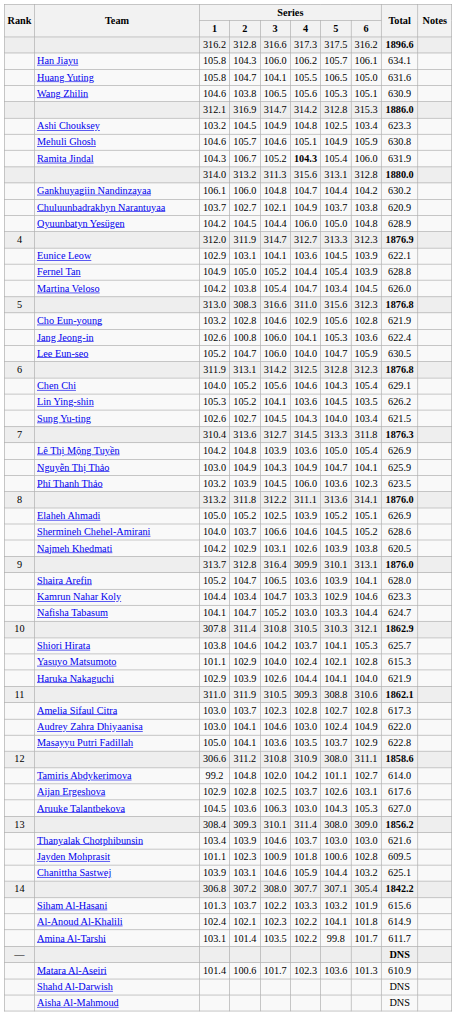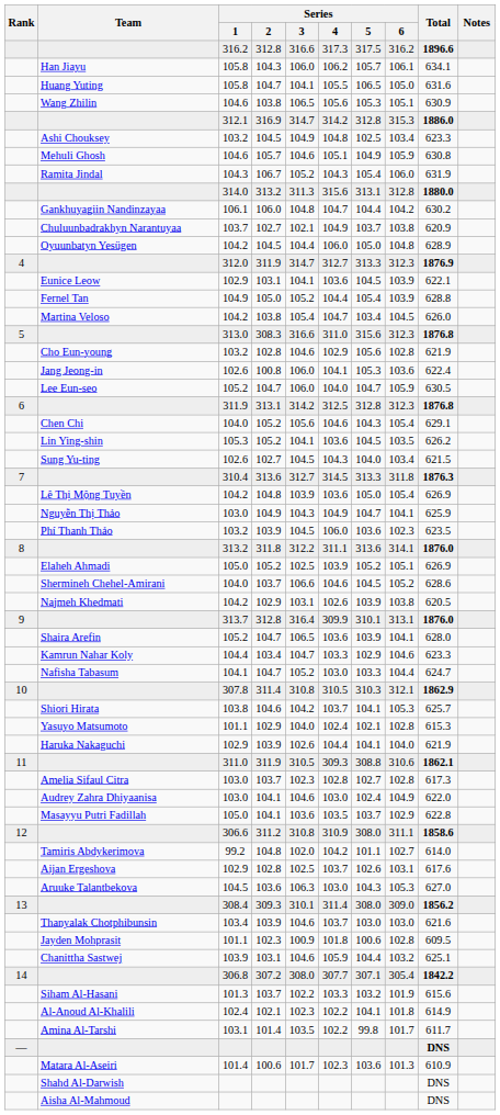 <table class="wikitable" style="text-align:center">
 <tr>
 <th rowspan=2 width=40>Rank</th>
 <th rowspan=2 width=250>Team</th>
 <th colspan=6>Series</th>
 <th rowspan=2 width=50>Total</th>
 <th rowspan=2 width=45>Notes</th>
 </tr>
 <tr>
 <th width=40>1</th>
 <th width=40>2</th>
 <th width=40>3</th>
 <th width=40>4</th>
 <th width=40>5</th>
 <th width=40>6</th>
 </tr>
 <tr bgcolor=eeeeee>
 <td></td>
 <td align=left></td>
 <td>316.2</td>
 <td>312.8</td>
 <td>316.6</td>
 <td>317.3</td>
 <td>317.5</td>
 <td>316.2</td>
 <td><strong>1896.6</strong></td>
 <td></td>
 </tr>
 <tr>
 <td></td>
 <td align=left><a href='#'>Han Jiayu</a></td>
 <td>105.8</td>
 <td>104.3</td>
 <td>106.0</td>
 <td>106.2</td>
 <td>105.7</td>
 <td>106.1</td>
 <td>634.1</td>
 <td></td>
 </tr>
 <tr>
 <td></td>
 <td align=left><a href='#'>Huang Yuting</a></td>
 <td>105.8</td>
 <td>104.7</td>
 <td>104.1</td>
 <td>105.5</td>
 <td>106.5</td>
 <td>105.0</td>
 <td>631.6</td>
 <td></td>
 </tr>
 <tr>
 <td></td>
 <td align=left><a href='#'>Wang Zhilin</a></td>
 <td>104.6</td>
 <td>103.8</td>
 <td>106.5</td>
 <td>105.6</td>
 <td>105.3</td>
 <td>105.1</td>
 <td>630.9</td>
 <td></td>
 </tr>
 <tr bgcolor=eeeeee>
 <td></td>
 <td align=left></td>
 <td>312.1</td>
 <td>316.9</td>
 <td>314.7</td>
 <td>314.2</td>
 <td>312.8</td>
 <td>315.3</td>
 <td><strong>1886.0</strong></td>
 <td></td>
 </tr>
 <tr>
 <td></td>
 <td align=left><a href='#'>Ashi Chouksey</a></td>
 <td>103.2</td>
 <td>104.5</td>
 <td>104.9</td>
 <td>104.8</td>
 <td>102.5</td>
 <td>103.4</td>
 <td>623.3</td>
 <td></td>
 </tr>
 <tr>
 <td></td>
 <td align=left><a href='#'>Mehuli Ghosh</a></td>
 <td>104.6</td>
 <td>105.7</td>
 <td>104.6</td>
 <td>105.1</td>
 <td>104.9</td>
 <td>105.9</td>
 <td>630.8</td>
 <td></td>
 </tr>
 <tr>
 <td></td>
 <td align=left><a href='#'>Ramita Jindal</a></td>
 <td>104.3</td>
 <td>106.7</td>
 <td>105.2</td>
-<td><strong>104.3</strong></td>
+<td>104.3</td>
 <td>105.4</td>
 <td>106.0</td>
 <td>631.9</td>
 <td></td>
 </tr>
 <tr bgcolor=eeeeee>
 <td></td>
 <td align=left></td>
 <td>314.0</td>
 <td>313.2</td>
 <td>311.3</td>
 <td>315.6</td>
 <td>313.1</td>
 <td>312.8</td>
 <td><strong>1880.0</strong></td>
 <td></td>
 </tr>
 <tr>
 <td></td>
 <td align=left><a href='#'>Gankhuyagiin Nandinzayaa</a></td>
 <td>106.1</td>
 <td>106.0</td>
 <td>104.8</td>
 <td>104.7</td>
 <td>104.4</td>
 <td>104.2</td>
 <td>630.2</td>
 <td></td>
 </tr>
 <tr>
 <td></td>
 <td align=left><a href='#'>Chuluunbadrakhyn Narantuyaa</a></td>
 <td>103.7</td>
 <td>102.7</td>
 <td>102.1</td>
 <td>104.9</td>
 <td>103.7</td>
 <td>103.8</td>
 <td>620.9</td>
 <td></td>
 </tr>
 <tr>
 <td></td>
 <td align=left><a href='#'>Oyuunbatyn Yesügen</a></td>
 <td>104.2</td>
 <td>104.5</td>
 <td>104.4</td>
 <td>106.0</td>
 <td>105.0</td>
 <td>104.8</td>
 <td>628.9</td>
 <td></td>
 </tr>
 <tr bgcolor=eeeeee>
 <td>4</td>
 <td align=left></td>
 <td>312.0</td>
 <td>311.9</td>
 <td>314.7</td>
 <td>312.7</td>
 <td>313.3</td>
 <td>312.3</td>
 <td><strong>1876.9</strong></td>
 <td></td>
 </tr>
 <tr>
 <td></td>
 <td align=left><a href='#'>Eunice Leow</a></td>
 <td>102.9</td>
 <td>103.1</td>
 <td>104.1</td>
 <td>103.6</td>
 <td>104.5</td>
 <td>103.9</td>
 <td>622.1</td>
 <td></td>
 </tr>
 <tr>
 <td></td>
 <td align=left><a href='#'>Fernel Tan</a></td>
 <td>104.9</td>
 <td>105.0</td>
 <td>105.2</td>
 <td>104.4</td>
 <td>105.4</td>
 <td>103.9</td>
 <td>628.8</td>
 <td></td>
 </tr>
 <tr>
 <td></td>
 <td align=left><a href='#'>Martina Veloso</a></td>
 <td>104.2</td>
 <td>103.8</td>
 <td>105.4</td>
 <td>104.7</td>
 <td>103.4</td>
 <td>104.5</td>
 <td>626.0</td>
 <td></td>
 </tr>
 <tr bgcolor=eeeeee>
 <td>5</td>
 <td align=left></td>
 <td>313.0</td>
 <td>308.3</td>
 <td>316.6</td>
 <td>311.0</td>
 <td>315.6</td>
 <td>312.3</td>
 <td><strong>1876.8</strong></td>
 <td></td>
 </tr>
 <tr>
 <td></td>
 <td align=left><a href='#'>Cho Eun-young</a></td>
 <td>103.2</td>
 <td>102.8</td>
 <td>104.6</td>
 <td>102.9</td>
 <td>105.6</td>
 <td>102.8</td>
 <td>621.9</td>
 <td></td>
 </tr>
 <tr>
 <td></td>
 <td align=left><a href='#'>Jang Jeong-in</a></td>
 <td>102.6</td>
 <td>100.8</td>
 <td>106.0</td>
 <td>104.1</td>
 <td>105.3</td>
 <td>103.6</td>
 <td>622.4</td>
 <td></td>
 </tr>
 <tr>
 <td></td>
 <td align=left><a href='#'>Lee Eun-seo</a></td>
 <td>105.2</td>
 <td>104.7</td>
 <td>106.0</td>
 <td>104.0</td>
 <td>104.7</td>
 <td>105.9</td>
 <td>630.5</td>
 <td></td>
 </tr>
 <tr bgcolor=eeeeee>
 <td>6</td>
 <td align=left></td>
 <td>311.9</td>
 <td>313.1</td>
 <td>314.2</td>
 <td>312.5</td>
 <td>312.8</td>
 <td>312.3</td>
 <td><strong>1876.8</strong></td>
 <td></td>
 </tr>
 <tr>
 <td></td>
 <td align=left><a href='#'>Chen Chi</a></td>
 <td>104.0</td>
 <td>105.2</td>
 <td>105.6</td>
 <td>104.6</td>
 <td>104.3</td>
 <td>105.4</td>
 <td>629.1</td>
 <td></td>
 </tr>
 <tr>
 <td></td>
 <td align=left><a href='#'>Lin Ying-shin</a></td>
 <td>105.3</td>
 <td>105.2</td>
 <td>104.1</td>
 <td>103.6</td>
 <td>104.5</td>
 <td>103.5</td>
 <td>626.2</td>
 <td></td>
 </tr>
 <tr>
 <td></td>
 <td align=left><a href='#'>Sung Yu-ting</a></td>
 <td>102.6</td>
 <td>102.7</td>
 <td>104.5</td>
 <td>104.3</td>
 <td>104.0</td>
 <td>103.4</td>
 <td>621.5</td>
 <td></td>
 </tr>
 <tr bgcolor=eeeeee>
 <td>7</td>
 <td align=left></td>
 <td>310.4</td>
 <td>313.6</td>
 <td>312.7</td>
 <td>314.5</td>
 <td>313.3</td>
 <td>311.8</td>
 <td><strong>1876.3</strong></td>
 <td></td>
 </tr>
 <tr>
 <td></td>
 <td align=left><a href='#'>Lê Thị Mộng Tuyền</a></td>
 <td>104.2</td>
 <td>104.8</td>
 <td>103.9</td>
 <td>103.6</td>
 <td>105.0</td>
 <td>105.4</td>
 <td>626.9</td>
 <td></td>
 </tr>
 <tr>
 <td></td>
 <td align=left><a href='#'>Nguyễn Thị Thảo</a></td>
 <td>103.0</td>
 <td>104.9</td>
 <td>104.3</td>
 <td>104.9</td>
 <td>104.7</td>
 <td>104.1</td>
 <td>625.9</td>
 <td></td>
 </tr>
 <tr>
 <td></td>
 <td align=left><a href='#'>Phí Thanh Thảo</a></td>
 <td>103.2</td>
 <td>103.9</td>
 <td>104.5</td>
 <td>106.0</td>
 <td>103.6</td>
 <td>102.3</td>
 <td>623.5</td>
 <td></td>
 </tr>
 <tr bgcolor=eeeeee>
 <td>8</td>
 <td align=left></td>
 <td>313.2</td>
 <td>311.8</td>
 <td>312.2</td>
 <td>311.1</td>
 <td>313.6</td>
 <td>314.1</td>
 <td><strong>1876.0</strong></td>
 <td></td>
 </tr>
 <tr>
 <td></td>
 <td align=left><a href='#'>Elaheh Ahmadi</a></td>
 <td>105.0</td>
 <td>105.2</td>
 <td>102.5</td>
 <td>103.9</td>
 <td>105.2</td>
 <td>105.1</td>
 <td>626.9</td>
 <td></td>
 </tr>
 <tr>
 <td></td>
 <td align=left><a href='#'>Shermineh Chehel-Amirani</a></td>
 <td>104.0</td>
 <td>103.7</td>
 <td>106.6</td>
 <td>104.6</td>
 <td>104.5</td>
 <td>105.2</td>
 <td>628.6</td>
 <td></td>
 </tr>
 <tr>
 <td></td>
 <td align=left><a href='#'>Najmeh Khedmati</a></td>
 <td>104.2</td>
 <td>102.9</td>
 <td>103.1</td>
 <td>102.6</td>
 <td>103.9</td>
 <td>103.8</td>
 <td>620.5</td>
 <td></td>
 </tr>
 <tr bgcolor=eeeeee>
 <td>9</td>
 <td align=left></td>
 <td>313.7</td>
 <td>312.8</td>
 <td>316.4</td>
 <td>309.9</td>
 <td>310.1</td>
 <td>313.1</td>
 <td><strong>1876.0</strong></td>
 <td></td>
 </tr>
 <tr>
 <td></td>
 <td align=left><a href='#'>Shaira Arefin</a></td>
 <td>105.2</td>
 <td>104.7</td>
 <td>106.5</td>
 <td>103.6</td>
 <td>103.9</td>
 <td>104.1</td>
 <td>628.0</td>
 <td></td>
 </tr>
 <tr>
 <td></td>
 <td align=left><a href='#'>Kamrun Nahar Koly</a></td>
 <td>104.4</td>
 <td>103.4</td>
 <td>104.7</td>
 <td>103.3</td>
 <td>102.9</td>
 <td>104.6</td>
 <td>623.3</td>
 <td></td>
 </tr>
 <tr>
 <td></td>
 <td align=left><a href='#'>Nafisha Tabasum</a></td>
 <td>104.1</td>
 <td>104.7</td>
 <td>105.2</td>
 <td>103.0</td>
 <td>103.3</td>
 <td>104.4</td>
 <td>624.7</td>
 <td></td>
 </tr>
 <tr bgcolor=eeeeee>
 <td>10</td>
 <td align=left></td>
 <td>307.8</td>
 <td>311.4</td>
 <td>310.8</td>
 <td>310.5</td>
 <td>310.3</td>
 <td>312.1</td>
 <td><strong>1862.9</strong></td>
 <td></td>
 </tr>
 <tr>
 <td></td>
 <td align=left><a href='#'>Shiori Hirata</a></td>
 <td>103.8</td>
 <td>104.6</td>
 <td>104.2</td>
 <td>103.7</td>
 <td>104.1</td>
 <td>105.3</td>
 <td>625.7</td>
 <td></td>
 </tr>
 <tr>
 <td></td>
 <td align=left><a href='#'>Yasuyo Matsumoto</a></td>
 <td>101.1</td>
 <td>102.9</td>
 <td>104.0</td>
 <td>102.4</td>
 <td>102.1</td>
 <td>102.8</td>
 <td>615.3</td>
 <td></td>
 </tr>
 <tr>
 <td></td>
 <td align=left><a href='#'>Haruka Nakaguchi</a></td>
 <td>102.9</td>
 <td>103.9</td>
 <td>102.6</td>
 <td>104.4</td>
 <td>104.1</td>
 <td>104.0</td>
 <td>621.9</td>
 <td></td>
 </tr>
 <tr bgcolor=eeeeee>
 <td>11</td>
 <td align=left></td>
 <td>311.0</td>
 <td>311.9</td>
 <td>310.5</td>
 <td>309.3</td>
 <td>308.8</td>
 <td>310.6</td>
 <td><strong>1862.1</strong></td>
 <td></td>
 </tr>
 <tr>
 <td></td>
 <td align=left><a href='#'>Amelia Sifaul Citra</a></td>
 <td>103.0</td>
 <td>103.7</td>
 <td>102.3</td>
 <td>102.8</td>
 <td>102.7</td>
 <td>102.8</td>
 <td>617.3</td>
 <td></td>
 </tr>
 <tr>
 <td></td>
 <td align=left><a href='#'>Audrey Zahra Dhiyaanisa</a></td>
 <td>103.0</td>
 <td>104.1</td>
 <td>104.6</td>
 <td>103.0</td>
 <td>102.4</td>
 <td>104.9</td>
 <td>622.0</td>
 <td></td>
 </tr>
 <tr>
 <td></td>
 <td align=left><a href='#'>Masayyu Putri Fadillah</a></td>
 <td>105.0</td>
 <td>104.1</td>
 <td>103.6</td>
 <td>103.5</td>
 <td>103.7</td>
 <td>102.9</td>
 <td>622.8</td>
 <td></td>
 </tr>
 <tr bgcolor=eeeeee>
 <td>12</td>
 <td align=left></td>
 <td>306.6</td>
 <td>311.2</td>
 <td>310.8</td>
 <td>310.9</td>
 <td>308.0</td>
 <td>311.1</td>
 <td><strong>1858.6</strong></td>
 <td></td>
 </tr>
 <tr>
 <td></td>
 <td align=left><a href='#'>Tamiris Abdykerimova</a></td>
 <td>99.2</td>
 <td>104.8</td>
 <td>102.0</td>
 <td>104.2</td>
 <td>101.1</td>
 <td>102.7</td>
 <td>614.0</td>
 <td></td>
 </tr>
 <tr>
 <td></td>
 <td align=left><a href='#'>Aijan Ergeshova</a></td>
 <td>102.9</td>
 <td>102.8</td>
 <td>102.5</td>
 <td>103.7</td>
 <td>102.6</td>
 <td>103.1</td>
 <td>617.6</td>
 <td></td>
 </tr>
 <tr>
 <td></td>
 <td align=left><a href='#'>Aruuke Talantbekova</a></td>
 <td>104.5</td>
 <td>103.6</td>
 <td>106.3</td>
 <td>103.0</td>
 <td>104.3</td>
 <td>105.3</td>
 <td>627.0</td>
 <td></td>
 </tr>
 <tr bgcolor=eeeeee>
 <td>13</td>
 <td align=left></td>
 <td>308.4</td>
 <td>309.3</td>
 <td>310.1</td>
 <td>311.4</td>
 <td>308.0</td>
 <td>309.0</td>
 <td><strong>1856.2</strong></td>
 <td></td>
 </tr>
 <tr>
 <td></td>
 <td align=left><a href='#'>Thanyalak Chotphibunsin</a></td>
 <td>103.4</td>
 <td>103.9</td>
 <td>104.6</td>
 <td>103.7</td>
 <td>103.0</td>
 <td>103.0</td>
 <td>621.6</td>
 <td></td>
 </tr>
 <tr>
 <td></td>
 <td align=left><a href='#'>Jayden Mohprasit</a></td>
 <td>101.1</td>
 <td>102.3</td>
 <td>100.9</td>
 <td>101.8</td>
 <td>100.6</td>
 <td>102.8</td>
 <td>609.5</td>
 <td></td>
 </tr>
 <tr>
 <td></td>
 <td align=left><a href='#'>Chanittha Sastwej</a></td>
 <td>103.9</td>
 <td>103.1</td>
 <td>104.6</td>
 <td>105.9</td>
 <td>104.4</td>
 <td>103.2</td>
 <td>625.1</td>
 <td></td>
 </tr>
 <tr bgcolor=eeeeee>
 <td>14</td>
 <td align=left></td>
 <td>306.8</td>
 <td>307.2</td>
 <td>308.0</td>
 <td>307.7</td>
 <td>307.1</td>
 <td>305.4</td>
 <td><strong>1842.2</strong></td>
 <td></td>
 </tr>
 <tr>
 <td></td>
 <td align=left><a href='#'>Siham Al-Hasani</a></td>
 <td>101.3</td>
 <td>103.7</td>
 <td>102.2</td>
 <td>103.3</td>
 <td>103.2</td>
 <td>101.9</td>
 <td>615.6</td>
 <td></td>
 </tr>
 <tr>
 <td></td>
 <td align=left><a href='#'>Al-Anoud Al-Khalili</a></td>
 <td>102.4</td>
 <td>102.1</td>
 <td>102.3</td>
 <td>102.2</td>
 <td>104.1</td>
 <td>101.8</td>
 <td>614.9</td>
 <td></td>
 </tr>
 <tr>
 <td></td>
 <td align=left><a href='#'>Amina Al-Tarshi</a></td>
 <td>103.1</td>
 <td>101.4</td>
 <td>103.5</td>
 <td>102.2</td>
 <td>99.8</td>
 <td>101.7</td>
 <td>611.7</td>
 <td></td>
 </tr>
 <tr bgcolor=eeeeee>
 <td>—</td>
 <td align=left></td>
 <td></td>
 <td></td>
 <td></td>
 <td></td>
 <td></td>
 <td></td>
 <td><strong>DNS</strong></td>
 <td></td>
 </tr>
 <tr>
 <td></td>
 <td align=left><a href='#'>Matara Al-Aseiri</a></td>
 <td>101.4</td>
 <td>100.6</td>
 <td>101.7</td>
 <td>102.3</td>
 <td>103.6</td>
 <td>101.3</td>
 <td>610.9</td>
 <td></td>
 </tr>
 <tr>
 <td></td>
 <td align=left><a href='#'>Shahd Al-Darwish</a></td>
 <td></td>
 <td></td>
 <td></td>
 <td></td>
 <td></td>
 <td></td>
 <td>DNS</td>
 <td></td>
 </tr>
 <tr>
 <td></td>
 <td align=left><a href='#'>Aisha Al-Mahmoud</a></td>
 <td></td>
 <td></td>
 <td></td>
 <td></td>
 <td></td>
 <td></td>
 <td>DNS</td>
 <td></td>
 </tr>
 </table>
